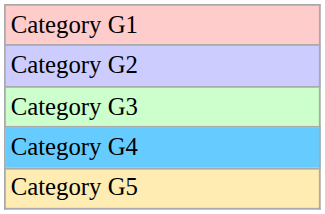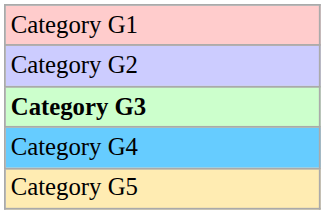 <table class="wikitable" style="font-size:85%; width:11%;">
 <tr bgcolor=#ffcccc>
 <td>Category G1</td>
 </tr>
 <tr bgcolor=#ccccff>
 <td>Category G2</td>
 </tr>
 <tr bgcolor=#CCFFCC>
-<td>Category G3</td>
+<td><strong>Category G3</strong></td>
 </tr>
 <tr bgcolor=#66CCFF>
 <td>Category G4</td>
 </tr>
 <tr bgcolor=#ffecb2>
 <td>Category G5</td>
 </tr>
 </table>
